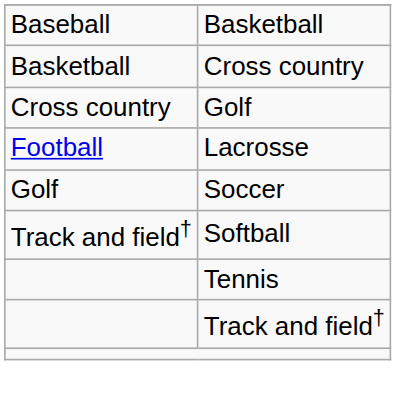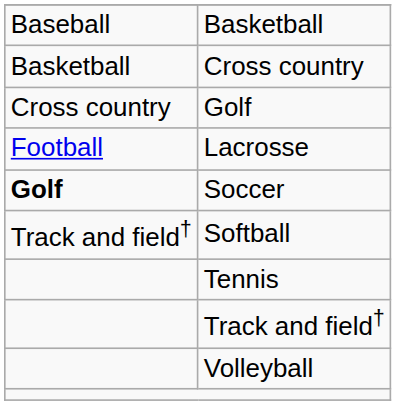 <table class="wikitable">
 <tr>
 </tr>
 <tr>
 <td>Baseball</td>
 <td>Basketball</td>
 </tr>
 <tr>
 <td>Basketball</td>
 <td>Cross country</td>
 </tr>
 <tr>
 <td>Cross country</td>
 <td>Golf</td>
 </tr>
 <tr>
 <td><a href='#'>Football</a></td>
 <td>Lacrosse</td>
 </tr>
 <tr>
-<td>Golf</td>
+<td><strong>Golf</strong></td>
 <td>Soccer</td>
 </tr>
 <tr>
 <td>Track and field<sup>†</sup></td>
 <td>Softball</td>
 </tr>
 <tr>
 <td></td>
 <td>Tennis</td>
 </tr>
 <tr>
 <td></td>
 <td>Track and field<sup>†</sup></td>
 </tr>
 <tr>
+<td></td>
+<td>Volleyball</td>
+</tr>
+<tr>
 <td colspan="2"></td>
 </tr>
 </table>
